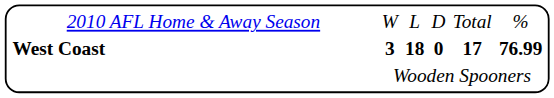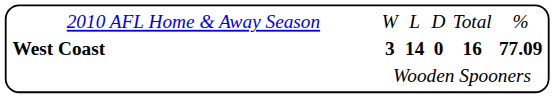 <table style="margin-right:4px; margin-top:8px; float:right; border:1px #000 solid; border-radius:8px; background:#fff; font-family:Verdana; font-size:8pt; text-align:center;">
 <tr>
 <td width=200><em><a href='#'>2010 AFL Home & Away Season</a></em></td>
 <td><em>W</em></td>
 <td><em>L</em></td>
 <td><em>D</em></td>
 <td><em>Total</em></td>
 <td><em>%</em></td>
 </tr>
 <tr>
 <td style="text-align:left"><strong>West Coast</strong></td>
 <td><strong>3</strong></td>
-<td><strong>18</strong></td>
+<td><strong>14</strong></td>
 <td><strong>0</strong></td>
-<td><strong>17</strong></td>
-<td><strong>76.99</strong></td>
+<td><strong>16</strong></td>
+<td><strong>77.09</strong></td>
 </tr>
 <tr>
 <td></td>
 <td colspan=9><em>Wooden Spooners</em></td>
 </tr>
 </table>
